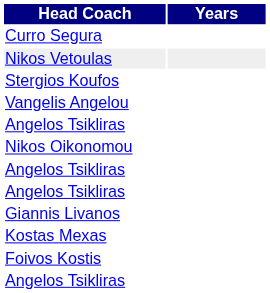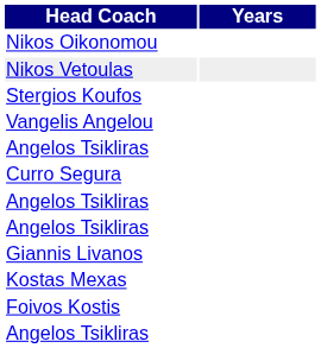 <table>
 <tr style="color:#FFFFFF; background:#000080;">
 <th width="50%">Head Coach</th>
 <th width="30%">Years</th>
 </tr>
 <tr>
-<td> <a href='#'>Curro Segura</a></td>
+<td> <a href='#'>Nikos Oikonomou</a></td>
 <td></td>
 </tr>
 <tr bgcolor="#EFEFEF">
 <td> <a href='#'>Nikos Vetoulas</a></td>
 <td></td>
 </tr>
 <tr>
 <td> <a href='#'>Stergios Koufos</a></td>
 <td></td>
 </tr>
 <tr>
 <td> <a href='#'>Vangelis Angelou</a></td>
 <td></td>
 </tr>
 <tr>
 <td> <a href='#'>Angelos Tsikliras</a></td>
 <td></td>
 </tr>
 <tr>
-<td> <a href='#'>Nikos Oikonomou</a></td>
+<td> <a href='#'>Curro Segura</a></td>
 <td></td>
 </tr>
 <tr>
 <td> <a href='#'>Angelos Tsikliras</a></td>
 <td></td>
 </tr>
 <tr>
 <td> <a href='#'>Angelos Tsikliras</a></td>
 <td></td>
 </tr>
 <tr>
 <td> <a href='#'>Giannis Livanos</a></td>
 <td></td>
 </tr>
 <tr>
 <td> <a href='#'>Kostas Mexas</a></td>
 <td></td>
 </tr>
 <tr>
 <td> <a href='#'>Foivos Kostis</a></td>
 <td></td>
 </tr>
 <tr>
 <td> <a href='#'>Angelos Tsikliras</a></td>
 <td></td>
 </tr>
 </table>
